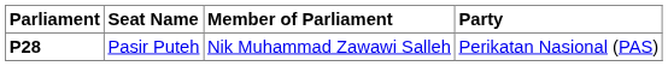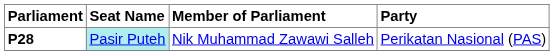 <table class="toccolours sortable" border="1" cellpadding="3" style="border-collapse:collapse; text-align: left;">
 <tr>
 <th align="center">Parliament</th>
 <th>Seat Name</th>
 <th>Member of Parliament</th>
 <th>Party</th>
 </tr>
 <tr>
 <th align="left">P28</th>
-<td><a href='#'>Pasir Puteh</a></td>
+<td style="background: paleturquoise;"><a href='#'>Pasir Puteh</a></td>
 <td><a href='#'>Nik Muhammad Zawawi Salleh</a></td>
 <td><a href='#'>Perikatan Nasional</a> (<a href='#'>PAS</a>)</td>
 </tr>
 <tr>
 </tr>
 </table>
